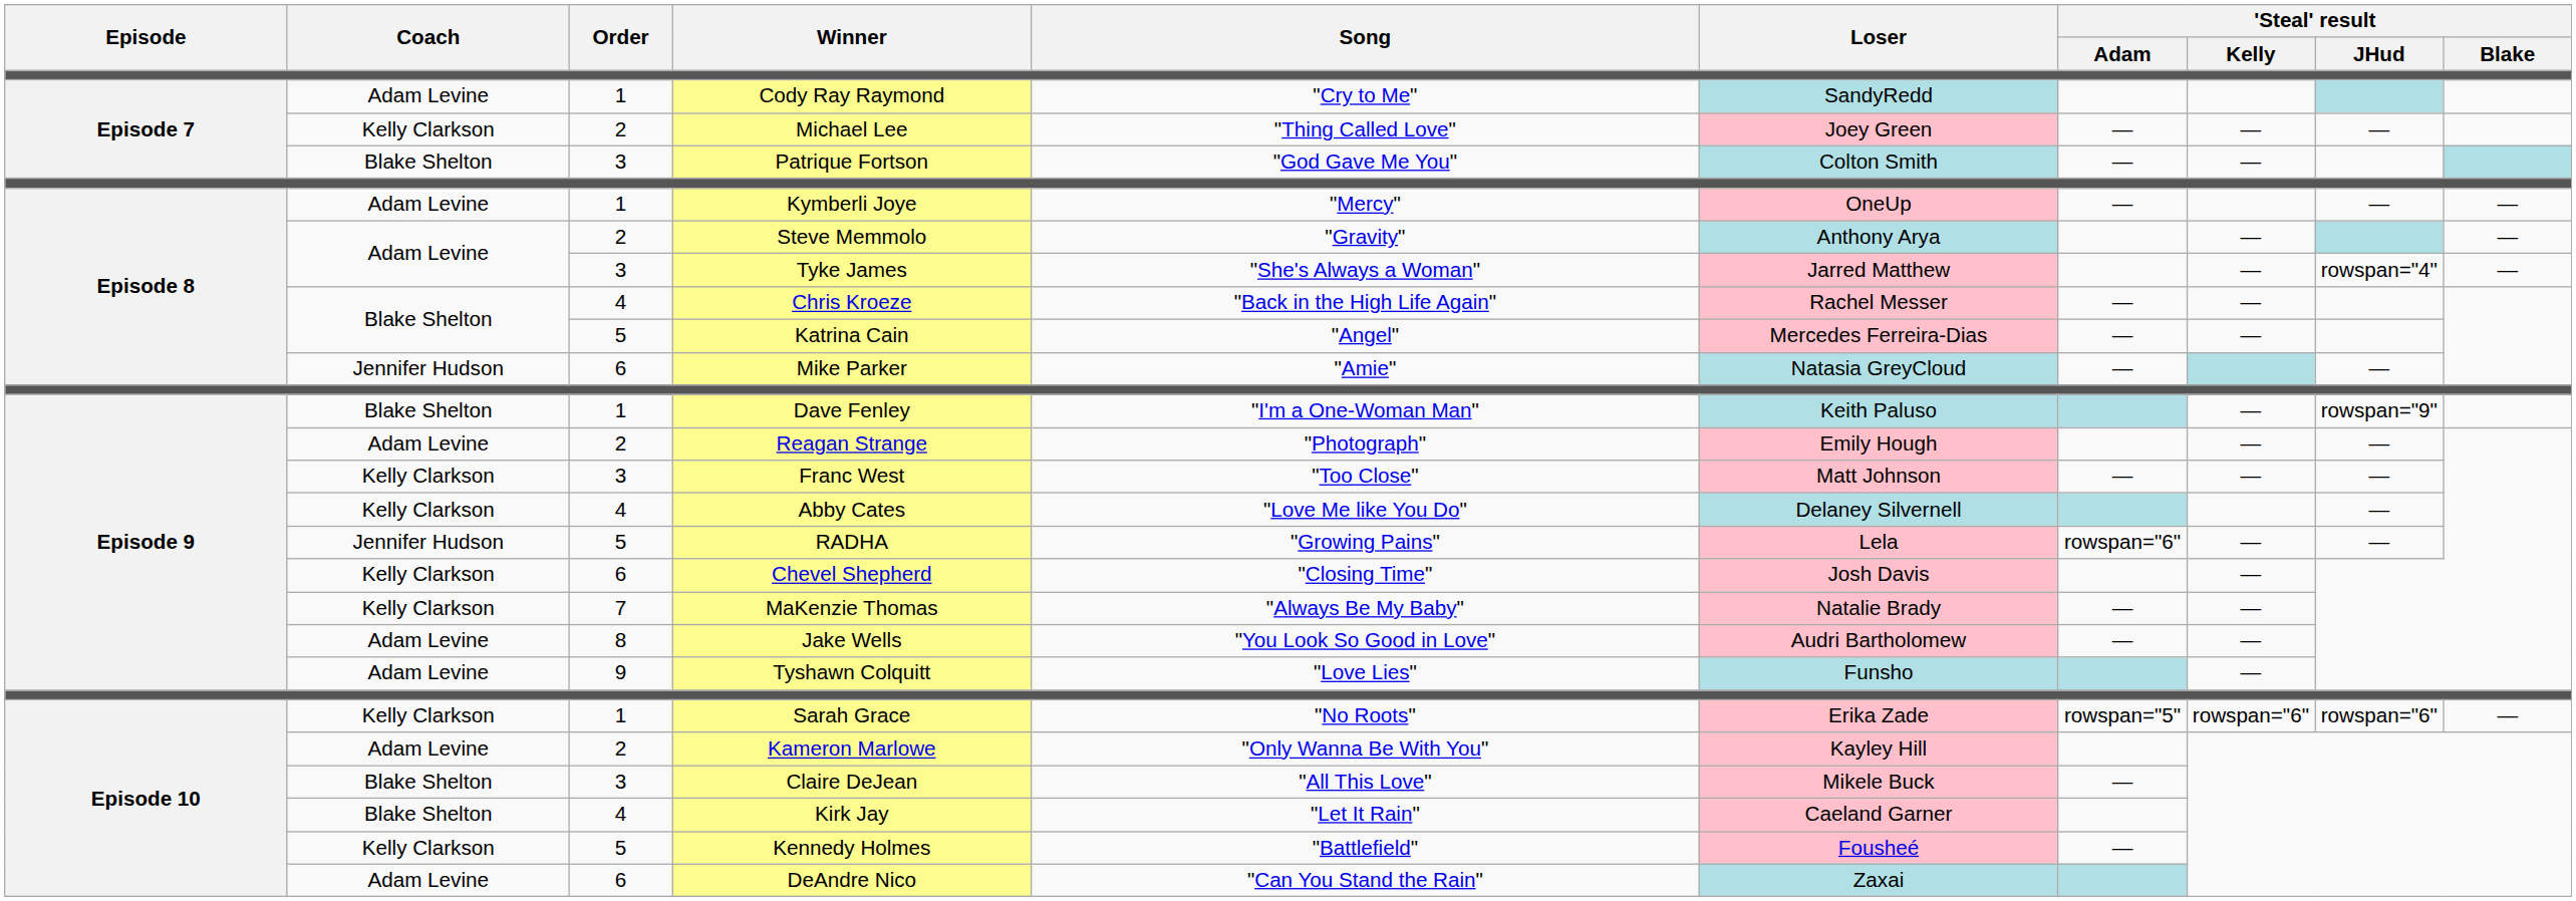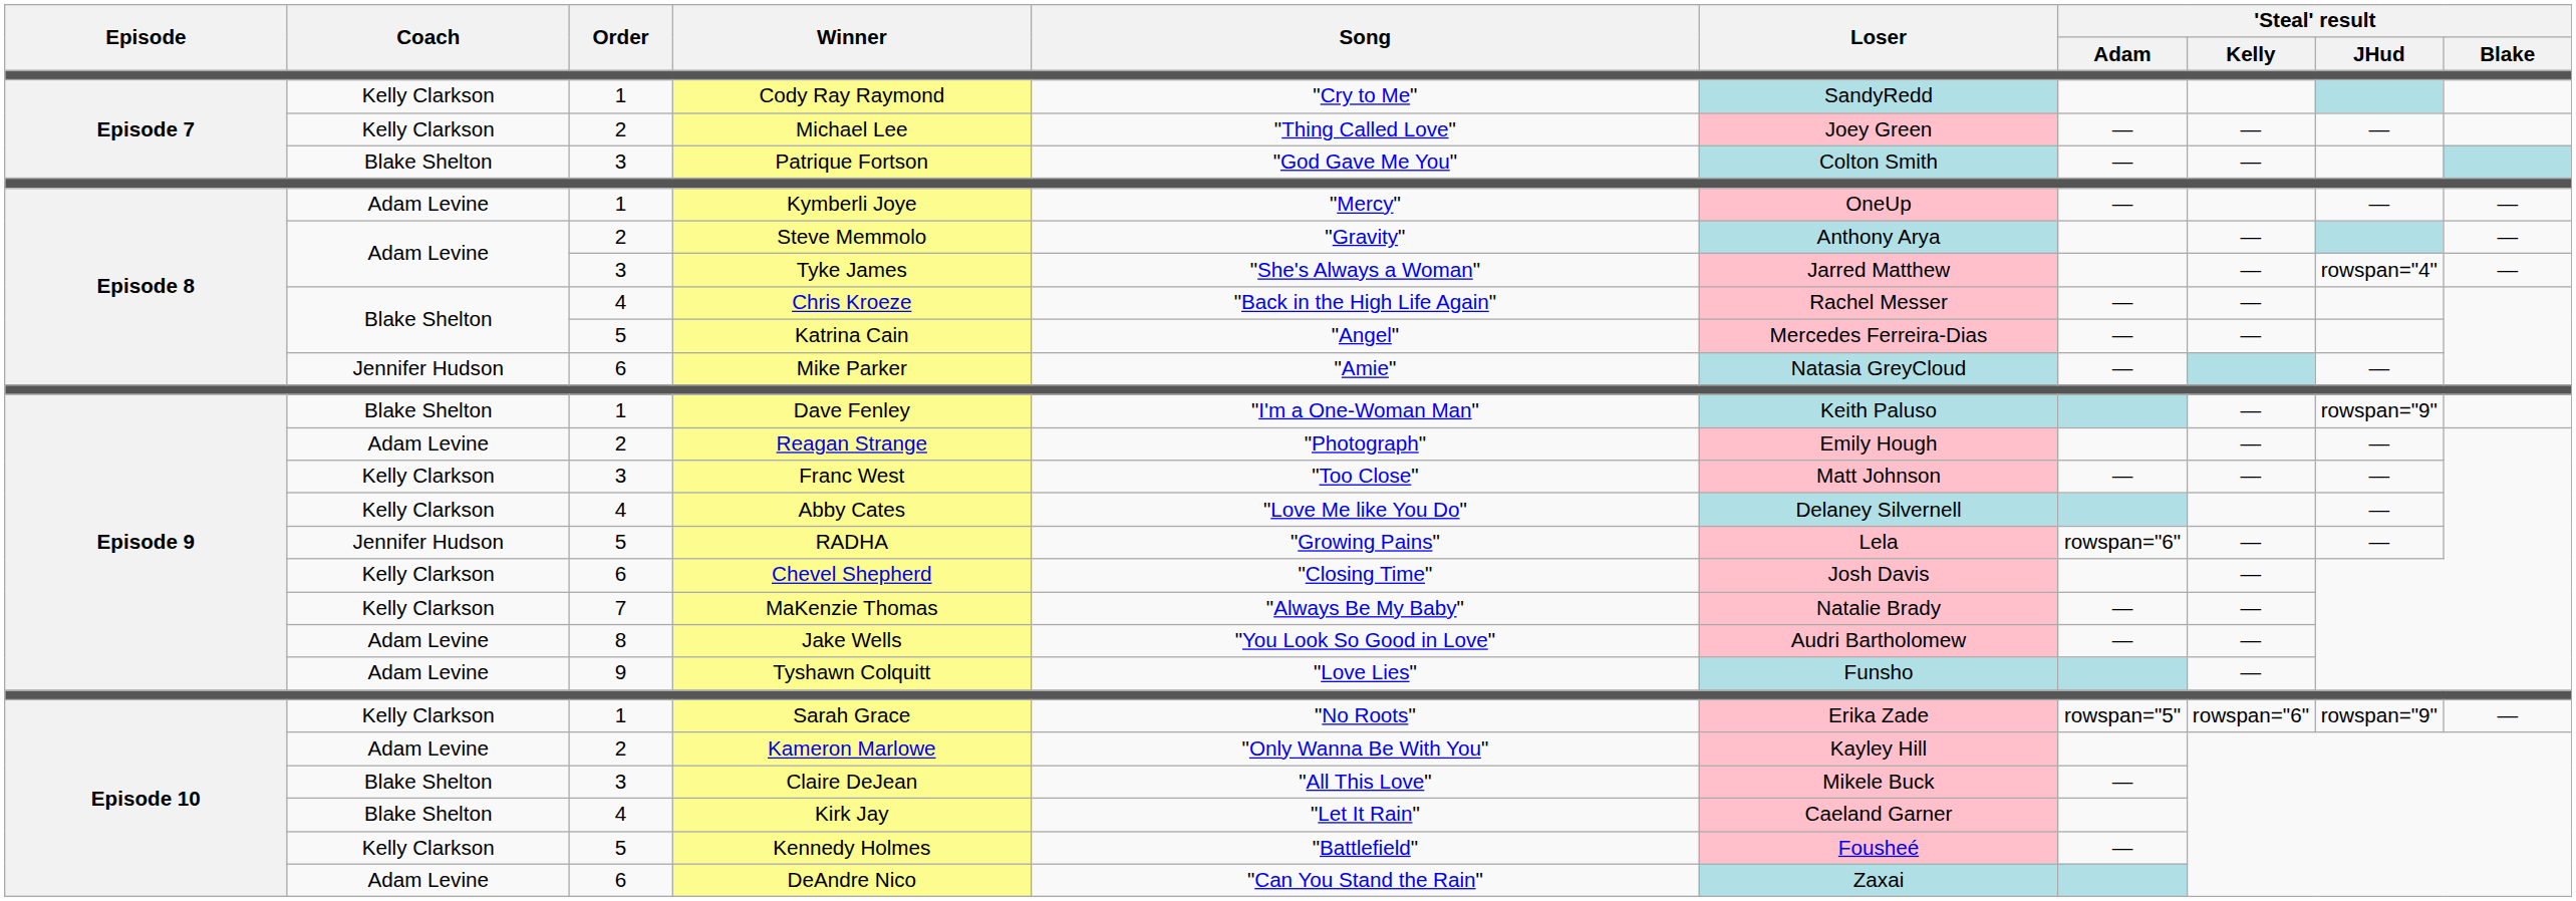 <table class="wikitable" style="text-align: center; width:100%;">
 <tr>
 <th rowspan="2" style="width:11%;">Episode</th>
 <th rowspan="2" style="width:11%;">Coach</th>
 <th rowspan="2" style="width:04%;">Order</th>
 <th rowspan="2" style="width:14%;">Winner</th>
 <th rowspan="2" style="width:26%;">Song</th>
 <th rowspan="2" style="width:14%;">Loser</th>
 <th colspan="4" style="width:20%;">'Steal' result</th>
 </tr>
 <tr>
 <th style="width:05%;">Adam</th>
 <th style="width:05%;">Kelly</th>
 <th style="width:05%;">JHud</th>
 <th style="width:05%;">Blake</th>
 </tr>
 <tr>
 <td colspan="10" style="background:#555;"></td>
 </tr>
 <tr>
 <th rowspan="3">Episode 7<br><small></small></th>
-<td>Adam Levine</td>
+<td>Kelly Clarkson</td>
 <td>1</td>
 <td style="background:#FDFC8F;">Cody Ray Raymond</td>
 <td>"<a href='#'>Cry to Me</a>"</td>
 <td bgcolor=#b0e0e6>SandyRedd</td>
 <td><strong></strong></td>
 <td></td>
 <td bgcolor=#b0e0e6><strong></strong></td>
 <td><strong></strong></td>
 </tr>
 <tr>
 <td>Kelly Clarkson</td>
 <td>2</td>
 <td style="background:#FDFC8F;">Michael Lee</td>
 <td>"<a href='#'>Thing Called Love</a>"</td>
 <td bgcolor=pink>Joey Green</td>
 <td>—</td>
 <td>—</td>
 <td>—</td>
 <td></td>
 </tr>
 <tr>
 <td>Blake Shelton</td>
 <td>3</td>
 <td style="background:#FDFC8F;">Patrique Fortson</td>
 <td>"<a href='#'>God Gave Me You</a>"</td>
 <td bgcolor=#b0e0e6>Colton Smith</td>
 <td>—</td>
 <td>—</td>
 <td></td>
 <td bgcolor=#b0e0e6><strong></strong></td>
 </tr>
 <tr>
 <td colspan="10" style="background:#555;"></td>
 </tr>
 <tr>
 <th rowspan="6">Episode 8<br><small></small></th>
 <td>Adam Levine</td>
 <td>1</td>
 <td style="background:#FDFC8F;">Kymberli Joye</td>
 <td>"<a href='#'>Mercy</a>"</td>
 <td bgcolor=pink>OneUp</td>
 <td>—</td>
 <td></td>
 <td>—</td>
 <td>—</td>
 </tr>
 <tr>
 <td rowspan="2">Adam Levine</td>
 <td>2</td>
 <td style="background:#FDFC8F;">Steve Memmolo</td>
 <td>"<a href='#'>Gravity</a>"</td>
 <td bgcolor=#b0e0e6>Anthony Arya</td>
 <td></td>
 <td>—</td>
 <td bgcolor=#b0e0e6><strong></strong></td>
 <td>—</td>
 </tr>
 <tr>
 <td>3</td>
 <td style="background:#FDFC8F;">Tyke James</td>
 <td>"<a href='#'>She's Always a Woman</a>"</td>
 <td bgcolor=pink>Jarred Matthew</td>
 <td></td>
 <td>—</td>
 <td>rowspan="4" </td>
 <td>—</td>
 </tr>
 <tr>
 <td rowspan="2">Blake Shelton</td>
 <td>4</td>
 <td style="background:#FDFC8F;"><a href='#'>Chris Kroeze</a></td>
 <td>"<a href='#'>Back in the High Life Again</a>"</td>
 <td bgcolor=pink>Rachel Messer</td>
 <td>—</td>
 <td>—</td>
 <td></td>
 </tr>
 <tr>
 <td>5</td>
 <td style="background:#FDFC8F;">Katrina Cain</td>
 <td>"<a href='#'>Angel</a>"</td>
 <td bgcolor=pink>Mercedes Ferreira-Dias</td>
 <td>—</td>
 <td>—</td>
 <td></td>
 </tr>
 <tr>
 <td>Jennifer Hudson</td>
 <td>6</td>
 <td style="background:#FDFC8F;">Mike Parker</td>
 <td>"<a href='#'>Amie</a>"</td>
 <td bgcolor=#b0e0e6>Natasia GreyCloud</td>
 <td>—</td>
 <td bgcolor=#b0e0e6><strong></strong></td>
 <td>—</td>
 </tr>
 <tr>
 <td colspan="10" style="background:#555;"></td>
 </tr>
 <tr>
 <th rowspan="9">Episode 9<br><small></small></th>
 <td>Blake Shelton</td>
 <td>1</td>
 <td style="background:#FDFC8F;">Dave Fenley</td>
 <td>"<a href='#'>I'm a One-Woman Man</a>"</td>
 <td bgcolor=#b0e0e6>Keith Paluso</td>
 <td bgcolor=#b0e0e6><strong></strong></td>
 <td>—</td>
 <td>rowspan="9" </td>
 <td></td>
 </tr>
 <tr>
 <td>Adam Levine</td>
 <td>2</td>
 <td style="background:#FDFC8F;"><a href='#'>Reagan Strange</a></td>
 <td>"<a href='#'>Photograph</a>"</td>
 <td bgcolor=pink>Emily Hough</td>
 <td></td>
 <td>—</td>
 <td>—</td>
 </tr>
 <tr>
 <td>Kelly Clarkson</td>
 <td>3</td>
 <td style="background:#FDFC8F;">Franc West</td>
 <td>"<a href='#'>Too Close</a>"</td>
 <td bgcolor=pink>Matt Johnson</td>
 <td>—</td>
 <td>—</td>
 <td>—</td>
 </tr>
 <tr>
 <td>Kelly Clarkson</td>
 <td>4</td>
 <td style="background:#FDFC8F;">Abby Cates</td>
 <td>"<a href='#'>Love Me like You Do</a>"</td>
 <td bgcolor=#b0e0e6>Delaney Silvernell</td>
 <td bgcolor=#b0e0e6><strong></strong></td>
 <td></td>
 <td>—</td>
 </tr>
 <tr>
 <td>Jennifer Hudson</td>
 <td>5</td>
 <td style="background:#FDFC8F;">RADHA</td>
 <td>"<a href='#'>Growing Pains</a>"</td>
 <td bgcolor=pink>Lela</td>
 <td>rowspan="6" </td>
 <td>—</td>
 <td>—</td>
 </tr>
 <tr>
 <td>Kelly Clarkson</td>
 <td>6</td>
 <td style="background:#FDFC8F;"><a href='#'>Chevel Shepherd</a></td>
 <td>"<a href='#'>Closing Time</a>"</td>
 <td bgcolor=pink>Josh Davis</td>
 <td></td>
 <td>—</td>
 </tr>
 <tr>
 <td>Kelly Clarkson</td>
 <td>7</td>
 <td style="background:#FDFC8F;">MaKenzie Thomas</td>
 <td>"<a href='#'>Always Be My Baby</a>"</td>
 <td bgcolor=pink>Natalie Brady</td>
 <td>—</td>
 <td>—</td>
 </tr>
 <tr>
 <td>Adam Levine</td>
 <td>8</td>
 <td style="background:#FDFC8F;">Jake Wells</td>
 <td>"<a href='#'>You Look So Good in Love</a>"</td>
 <td bgcolor=pink>Audri Bartholomew</td>
 <td>—</td>
 <td>—</td>
 </tr>
 <tr>
 <td>Adam Levine</td>
 <td>9</td>
 <td style="background:#FDFC8F;">Tyshawn Colquitt</td>
 <td>"<a href='#'>Love Lies</a>"</td>
 <td bgcolor=#b0e0e6>Funsho</td>
 <td bgcolor=#b0e0e6><strong></strong></td>
 <td>—</td>
 </tr>
 <tr>
 </tr>
 <tr>
 <td colspan="10" style="background:#555;"></td>
 </tr>
 <tr>
 <th rowspan="6">Episode 10<br><small></small></th>
 <td>Kelly Clarkson</td>
 <td>1</td>
 <td style="background:#FDFC8F;">Sarah Grace</td>
 <td>"<a href='#'>No Roots</a>"</td>
 <td bgcolor=pink>Erika Zade</td>
 <td>rowspan="5" </td>
 <td>rowspan="6" </td>
-<td>rowspan="6" </td>
+<td>rowspan="9" </td>
 <td>—</td>
 </tr>
 <tr>
 <td>Adam Levine</td>
 <td>2</td>
 <td style="background:#FDFC8F;"><a href='#'>Kameron Marlowe</a></td>
 <td>"<a href='#'>Only Wanna Be With You</a>"</td>
 <td bgcolor=pink>Kayley Hill</td>
 <td></td>
 </tr>
 <tr>
 <td>Blake Shelton</td>
 <td>3</td>
 <td style="background:#FDFC8F;">Claire DeJean</td>
 <td>"<a href='#'>All This Love</a>"</td>
 <td bgcolor=pink>Mikele Buck</td>
 <td>—</td>
 </tr>
 <tr>
 <td>Blake Shelton</td>
 <td>4</td>
 <td style="background:#FDFC8F;">Kirk Jay</td>
 <td>"<a href='#'>Let It Rain</a>"</td>
 <td bgcolor=pink>Caeland Garner</td>
 <td></td>
 </tr>
 <tr>
 <td>Kelly Clarkson</td>
 <td>5</td>
 <td style="background:#FDFC8F;">Kennedy Holmes</td>
 <td>"<a href='#'>Battlefield</a>"</td>
 <td bgcolor=pink><a href='#'>Fousheé</a></td>
 <td>—</td>
 </tr>
 <tr>
 <td>Adam Levine</td>
 <td>6</td>
 <td style="background:#FDFC8F;">DeAndre Nico</td>
 <td>"<a href='#'>Can You Stand the Rain</a>"</td>
 <td bgcolor=#b0e0e6>Zaxai</td>
 <td bgcolor=#b0e0e6><strong></strong></td>
 </tr>
 <tr>
 </tr>
 </table>
